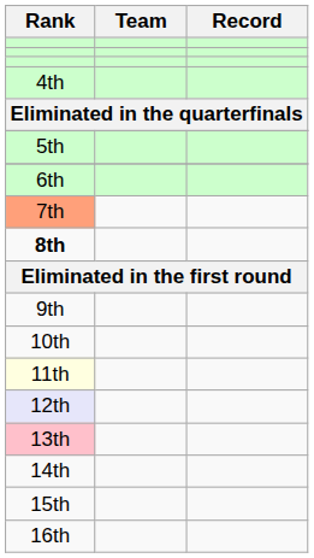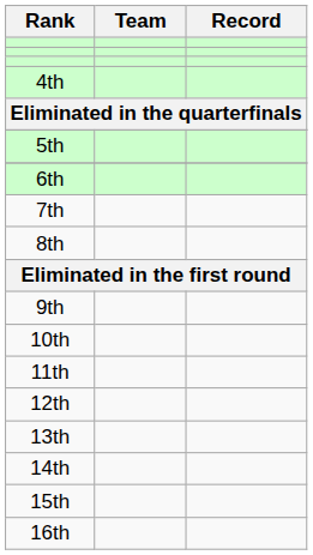 <table class=wikitable style="text-align:center;">
 <tr>
 <th>Rank</th>
 <th>Team</th>
 <th>Record</th>
 </tr>
 <tr bgcolor=ccffcc>
 <td></td>
 <td align=left></td>
 <td></td>
 </tr>
 <tr bgcolor=ccffcc>
 <td></td>
 <td align=left></td>
 <td></td>
 </tr>
 <tr bgcolor=ccffcc>
 <td></td>
 <td align=left></td>
 <td></td>
 </tr>
 <tr bgcolor=ccffcc>
 <td>4th</td>
 <td align=left></td>
 <td></td>
 </tr>
 <tr bgcolor=ccffcc>
 <th colspan=3>Eliminated in the quarterfinals</th>
 </tr>
 <tr>
 </tr>
 <tr bgcolor=ccffcc>
 <td>5th</td>
 <td align=left></td>
 <td></td>
 </tr>
 <tr>
 </tr>
 <tr bgcolor=ccffcc>
 <td>6th</td>
 <td align=left></td>
 <td></td>
 </tr>
 <tr>
-<td style="background: lightsalmon;">7th</td>
+<td>7th</td>
 <td align=left></td>
 <td></td>
 </tr>
 <tr>
-<td><strong>8th</strong></td>
+<td>8th</td>
 <td align=left></td>
 <td></td>
 </tr>
 <tr>
 <th colspan=3>Eliminated in the first round</th>
 </tr>
 <tr>
 <td>9th</td>
 <td align=left></td>
 <td></td>
 </tr>
 <tr>
 <td>10th</td>
 <td align=left></td>
 <td></td>
 </tr>
 <tr>
-<td style="background: lightyellow;">11th</td>
+<td>11th</td>
 <td align=left></td>
 <td></td>
 </tr>
 <tr>
-<td style="background: lavender;">12th</td>
+<td>12th</td>
 <td align=left></td>
 <td></td>
 </tr>
 <tr>
-<td style="background: pink;">13th</td>
+<td>13th</td>
 <td align=left></td>
 <td></td>
 </tr>
 <tr>
 <td>14th</td>
 <td align=left></td>
 <td></td>
 </tr>
 <tr>
 <td>15th</td>
 <td align=left></td>
 <td></td>
 </tr>
 <tr>
 <td>16th</td>
 <td align=left></td>
 <td></td>
 </tr>
 </table>
